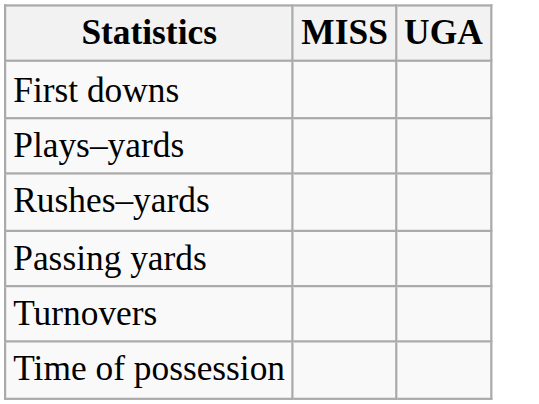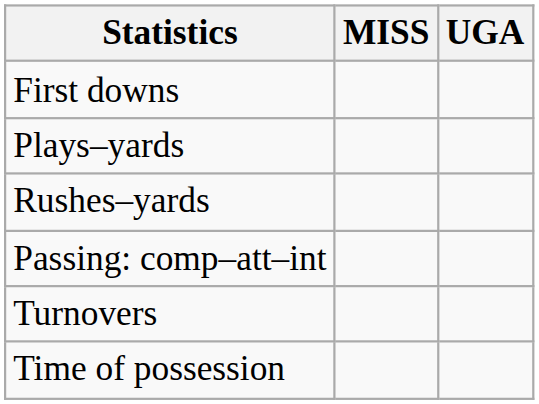 <table class="wikitable" style="float:left">
 <tr>
 <th>Statistics</th>
 <th>MISS</th>
 <th>UGA</th>
 </tr>
 <tr>
 <td>First downs</td>
 <td></td>
 <td></td>
 </tr>
 <tr>
 <td>Plays–yards</td>
 <td></td>
 <td></td>
 </tr>
 <tr>
 <td>Rushes–yards</td>
 <td></td>
 <td></td>
 </tr>
 <tr>
-<td>Passing yards</td>
+<td>Passing: comp–att–int</td>
 <td></td>
 <td></td>
 </tr>
 <tr>
 <td>Turnovers</td>
 <td></td>
 <td></td>
 </tr>
 <tr>
 <td>Time of possession</td>
 <td></td>
 <td></td>
 </tr>
 </table>
